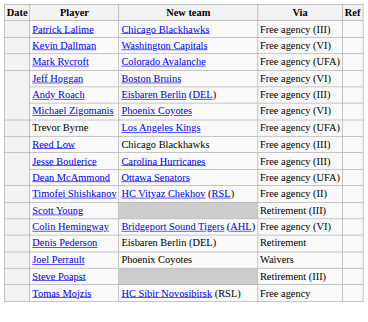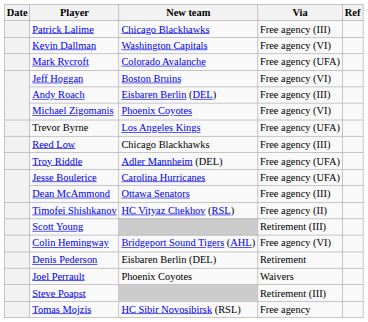 <table class="wikitable plainrowheaders">
 <tr style="background:#ddd; text-align:center;">
 <th>Date</th>
 <th>Player</th>
 <th>New team</th>
 <th>Via</th>
 <th>Ref</th>
 </tr>
 <tr>
 <th scope="row"></th>
 <td><a href='#'>Patrick Lalime</a></td>
 <td><a href='#'>Chicago Blackhawks</a></td>
 <td>Free agency (III)</td>
 <td></td>
 </tr>
 <tr>
 <th scope="row"></th>
 <td><a href='#'>Kevin Dallman</a></td>
 <td><a href='#'>Washington Capitals</a></td>
 <td>Free agency (VI)</td>
 <td></td>
 </tr>
 <tr>
 <th scope="row"></th>
 <td><a href='#'>Mark Rycroft</a></td>
 <td><a href='#'>Colorado Avalanche</a></td>
 <td>Free agency (UFA)</td>
 <td></td>
 </tr>
 <tr>
 <th scope="row" rowspan=3></th>
 <td><a href='#'>Jeff Hoggan</a></td>
 <td><a href='#'>Boston Bruins</a></td>
 <td>Free agency (VI)</td>
 <td></td>
 </tr>
 <tr>
 <td><a href='#'>Andy Roach</a></td>
 <td><a href='#'>Eisbaren Berlin</a> (<a href='#'>DEL</a>)</td>
 <td>Free agency (III)</td>
 <td></td>
 </tr>
 <tr>
 <td><a href='#'>Michael Zigomanis</a></td>
 <td><a href='#'>Phoenix Coyotes</a></td>
 <td>Free agency (VI)</td>
 <td></td>
 </tr>
 <tr>
 <th scope="row"></th>
 <td>Trevor Byrne</td>
 <td><a href='#'>Los Angeles Kings</a></td>
 <td>Free agency (UFA)</td>
 <td></td>
 </tr>
 <tr>
 <th scope="row"></th>
 <td><a href='#'>Reed Low</a></td>
 <td>Chicago Blackhawks</td>
 <td>Free agency (III)</td>
 <td></td>
 </tr>
 <tr>
+<th scope="row"></th>
+<td><a href='#'>Troy Riddle</a></td>
+<td><a href='#'>Adler Mannheim</a> (DEL)</td>
+<td>Free agency (UFA)</td>
+<td></td>
+</tr>
+<tr>
 <th scope="row" rowspan=2></th>
 <td><a href='#'>Jesse Boulerice</a></td>
 <td><a href='#'>Carolina Hurricanes</a></td>
-<td>Free agency (III)</td>
+<td>Free agency (UFA)</td>
 <td></td>
 </tr>
 <tr>
 <td><a href='#'>Dean McAmmond</a></td>
 <td><a href='#'>Ottawa Senators</a></td>
-<td>Free agency (UFA)</td>
+<td>Free agency (III)</td>
 <td></td>
 </tr>
 <tr>
 <th scope="row"></th>
 <td><a href='#'>Timofei Shishkanov</a></td>
 <td><a href='#'>HC Vityaz Chekhov</a> (<a href='#'>RSL</a>)</td>
 <td>Free agency (II)</td>
 <td></td>
 </tr>
 <tr>
 <th scope="row"></th>
 <td><a href='#'>Scott Young</a></td>
 <td style="background:#ccc"></td>
 <td>Retirement (III)</td>
 <td></td>
 </tr>
 <tr>
 <th scope="row"></th>
 <td><a href='#'>Colin Hemingway</a></td>
 <td><a href='#'>Bridgeport Sound Tigers</a> (<a href='#'>AHL</a>)</td>
 <td>Free agency (VI)</td>
 <td></td>
 </tr>
 <tr>
 <th scope="row"></th>
 <td><a href='#'>Denis Pederson</a></td>
 <td>Eisbaren Berlin (DEL)</td>
 <td>Retirement</td>
 <td></td>
 </tr>
 <tr>
 <th scope="row"></th>
 <td><a href='#'>Joel Perrault</a></td>
 <td>Phoenix Coyotes</td>
 <td>Waivers</td>
 <td></td>
 </tr>
 <tr>
 <th scope="row"></th>
 <td><a href='#'>Steve Poapst</a></td>
 <td style="background:#ccc"></td>
 <td>Retirement (III)</td>
 <td></td>
 </tr>
 <tr>
 <th scope="row"></th>
 <td><a href='#'>Tomas Mojzis</a></td>
 <td><a href='#'>HC Sibir Novosibirsk</a> (RSL)</td>
 <td>Free agency</td>
 <td></td>
 </tr>
 </table>
